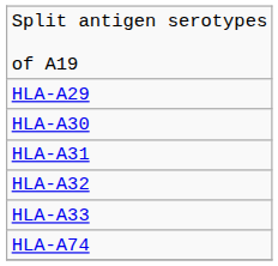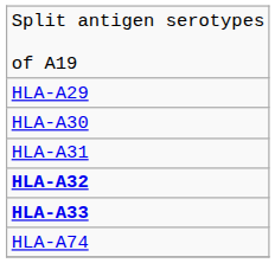 <table class="wikitable" align="right">
 <tr>
 <td>Split antigen serotypes<br><br>of A19 </td>
 </tr>
 <tr>
 <td><a href='#'>HLA-A29</a></td>
 </tr>
 <tr>
 <td><a href='#'>HLA-A30</a></td>
 </tr>
 <tr>
 <td><a href='#'>HLA-A31</a></td>
 </tr>
 <tr>
-<td><a href='#'>HLA-A32</a></td>
+<td><strong><a href='#'>HLA-A32</a></strong></td>
 </tr>
 <tr>
-<td><a href='#'>HLA-A33</a></td>
+<td><strong><a href='#'>HLA-A33</a></strong></td>
 </tr>
 <tr>
 <td><a href='#'>HLA-A74</a></td>
 </tr>
 <tr>
 </tr>
 </table>
